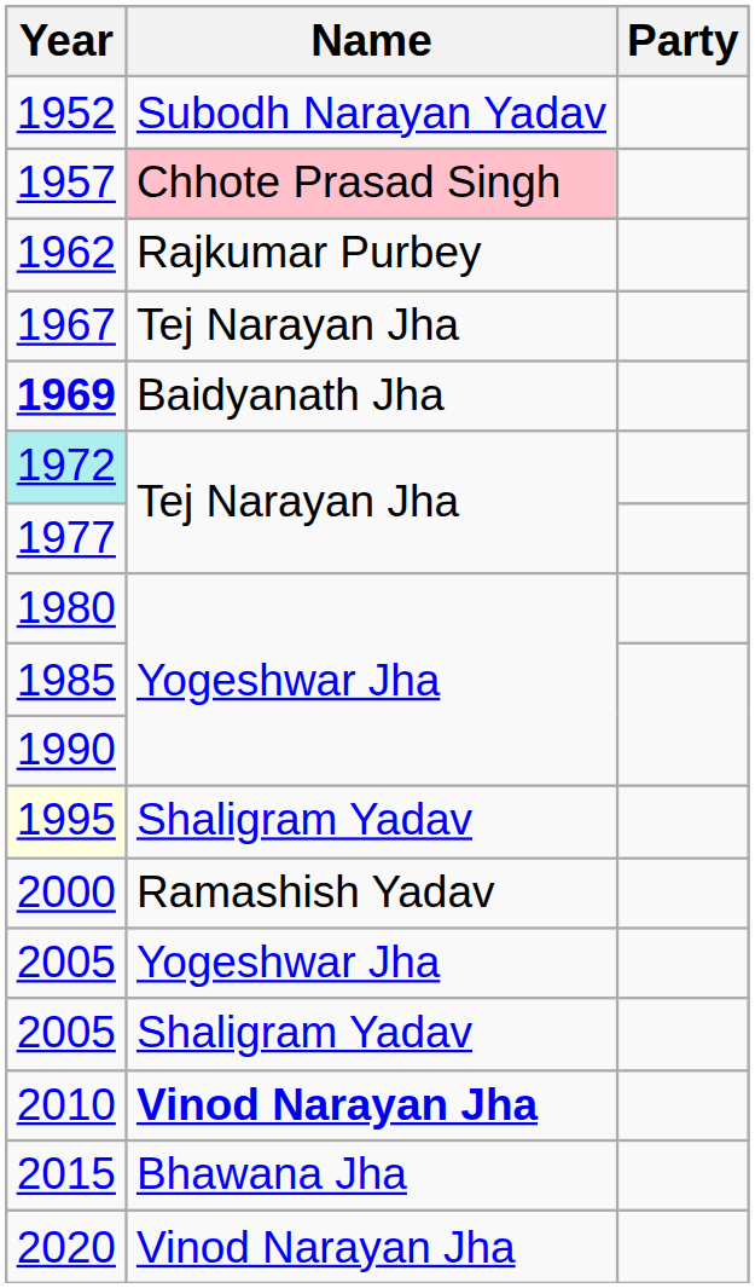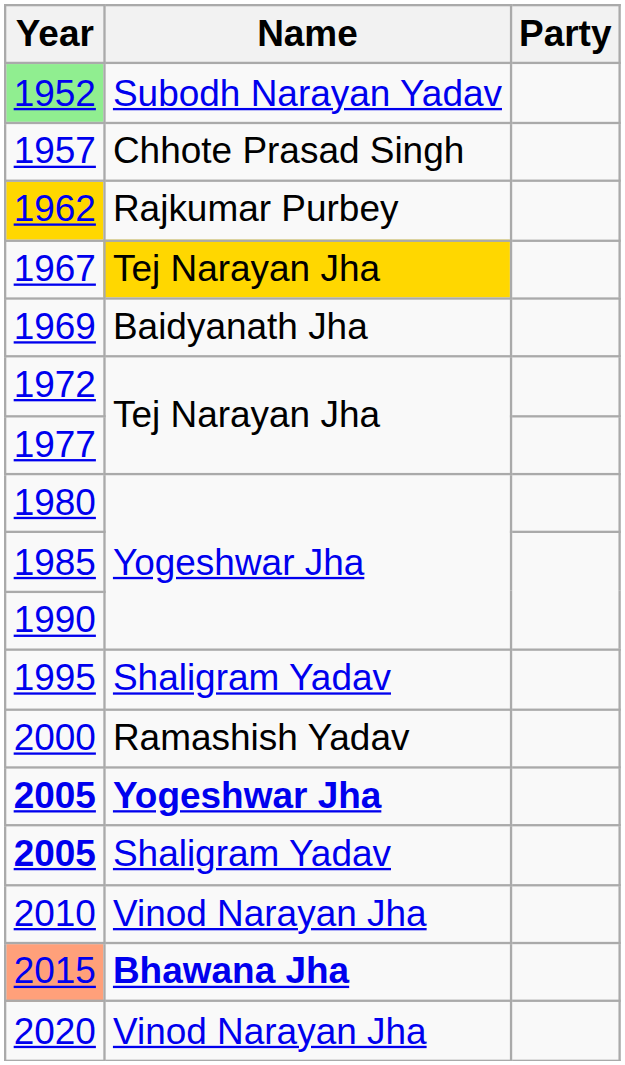 <table class="wikitable sortable">
 <tr>
 <th>Year</th>
 <th>Name</th>
 <th colspan="2">Party</th>
 </tr>
 <tr>
-<td><a href='#'>1952</a></td>
+<td style="background: lightgreen;"><a href='#'>1952</a></td>
 <td><a href='#'>Subodh Narayan Yadav</a></td>
 <td></td>
 </tr>
 <tr>
 <td><a href='#'>1957</a></td>
-<td style="background: pink;">Chhote Prasad Singh</td>
+<td>Chhote Prasad Singh</td>
 <td></td>
 </tr>
 <tr>
-<td><a href='#'>1962</a></td>
+<td style="background: gold;"><a href='#'>1962</a></td>
 <td>Rajkumar Purbey</td>
 <td></td>
 </tr>
 <tr>
 <td><a href='#'>1967</a></td>
-<td>Tej Narayan Jha</td>
+<td style="background: gold;">Tej Narayan Jha</td>
 </tr>
 <tr>
-<td><strong><a href='#'>1969</a></strong></td>
+<td><a href='#'>1969</a></td>
 <td>Baidyanath Jha</td>
 <td></td>
 </tr>
 <tr>
-<td style="background: paleturquoise;"><a href='#'>1972</a></td>
+<td><a href='#'>1972</a></td>
 <td rowspan="2">Tej Narayan Jha</td>
 <td></td>
 </tr>
 <tr>
 <td><a href='#'>1977</a></td>
 </tr>
 <tr>
 <td><a href='#'>1980</a></td>
 <td rowspan="3"><a href='#'>Yogeshwar Jha</a></td>
 <td></td>
 </tr>
 <tr>
 <td><a href='#'>1985</a></td>
 </tr>
 <tr>
 <td><a href='#'>1990</a></td>
 </tr>
 <tr>
-<td style="background: lightyellow;"><a href='#'>1995</a></td>
+<td><a href='#'>1995</a></td>
 <td><a href='#'>Shaligram Yadav</a></td>
 <td></td>
 </tr>
 <tr>
 <td><a href='#'>2000</a></td>
 <td>Ramashish Yadav</td>
 <td></td>
 </tr>
 <tr>
-<td><a href='#'>2005</a></td>
-<td><a href='#'>Yogeshwar Jha</a></td>
+<td><strong><a href='#'>2005</a></strong></td>
+<td><strong><a href='#'>Yogeshwar Jha</a></strong></td>
 <td></td>
 </tr>
 <tr>
-<td><a href='#'>2005</a></td>
+<td><strong><a href='#'>2005</a></strong></td>
 <td><a href='#'>Shaligram Yadav</a></td>
 <td></td>
 </tr>
 <tr>
 <td><a href='#'>2010</a></td>
-<td><strong><a href='#'>Vinod Narayan Jha</a></strong></td>
+<td><a href='#'>Vinod Narayan Jha</a></td>
 <td></td>
 </tr>
 <tr>
-<td><a href='#'>2015</a></td>
-<td><a href='#'>Bhawana Jha</a></td>
+<td style="background: lightsalmon;"><a href='#'>2015</a></td>
+<td><strong><a href='#'>Bhawana Jha</a></strong></td>
 <td></td>
 </tr>
 <tr>
 <td><a href='#'>2020</a></td>
 <td><a href='#'>Vinod Narayan Jha</a></td>
 <td></td>
 </tr>
 </table>
